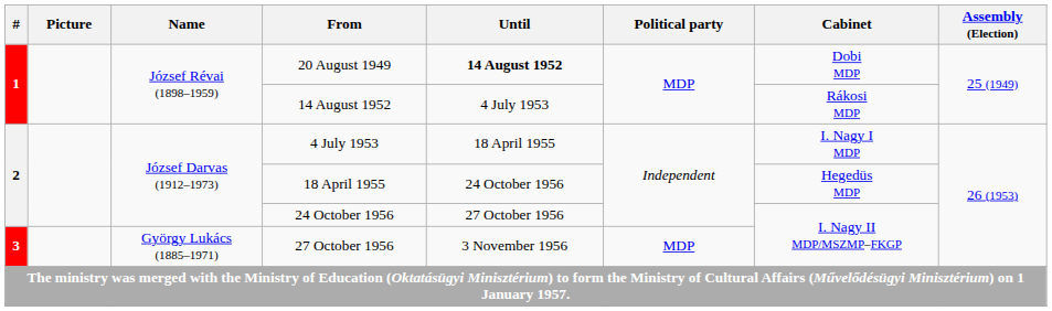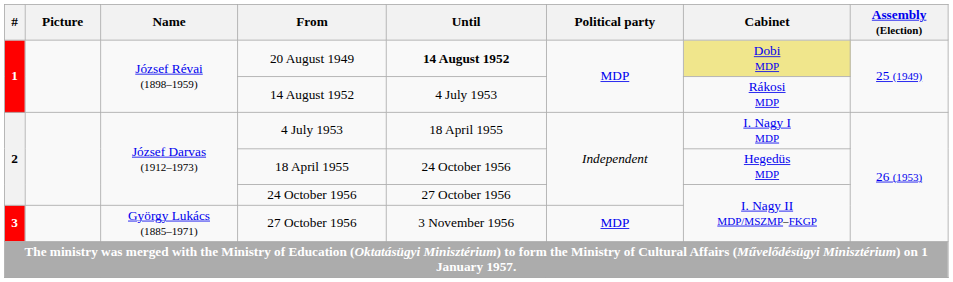 <table width=90% class="wikitable" style="text-align:center">
 <tr>
 <th>#</th>
 <th>Picture</th>
 <th>Name</th>
 <th>From</th>
 <th>Until</th>
 <th>Political party</th>
 <th>Cabinet</th>
 <th><a href='#'>Assembly</a><br><small>(Election)</small></th>
 </tr>
 <tr>
 <th rowspan="2" style="background:Red; color:white">1</th>
 <td rowspan="2"></td>
 <td rowspan="2"><a href='#'>József Révai</a><br><small>(1898–1959)</small></td>
 <td>20 August 1949</td>
 <td><strong>14 August 1952</strong></td>
 <td rowspan="2"><a href='#'>MDP</a></td>
-<td><a href='#'>Dobi</a><br><small><a href='#'>MDP</a></small></td>
+<td style="background: khaki;"><a href='#'>Dobi</a><br><small><a href='#'>MDP</a></small></td>
 <td rowspan="2"><a href='#'>25 <small>(1949)</small></a></td>
 </tr>
 <tr>
 <td>14 August 1952</td>
 <td>4 July 1953</td>
 <td><a href='#'>Rákosi</a><br><small><a href='#'>MDP</a></small></td>
 </tr>
 <tr>
 <th rowspan="3" style="background-color:">2</th>
 <td rowspan="3"></td>
 <td rowspan="3"><a href='#'>József Darvas</a><br><small>(1912–1973)</small></td>
 <td>4 July 1953</td>
 <td>18 April 1955</td>
 <td rowspan="3"><em>Independent</em></td>
 <td><a href='#'>I. Nagy I</a><br><small><a href='#'>MDP</a></small></td>
 <td rowspan="4"><a href='#'>26 <small>(1953)</small></a></td>
 </tr>
 <tr>
 <td>18 April 1955</td>
 <td>24 October 1956</td>
 <td><a href='#'>Hegedüs</a><br><small><a href='#'>MDP</a></small></td>
 </tr>
 <tr>
 <td>24 October 1956</td>
 <td>27 October 1956</td>
 <td rowspan="2"><a href='#'>I. Nagy II</a><br><small><a href='#'>MDP/MSZMP</a>–<a href='#'>FKGP</a></small></td>
 </tr>
 <tr>
 <th style="background:Red; color:white">3</th>
 <td></td>
 <td><a href='#'>György Lukács</a><br><small>(1885–1971)</small></td>
 <td>27 October 1956</td>
 <td>3 November 1956</td>
 <td><a href='#'>MDP</a></td>
 </tr>
 <tr>
 <th colspan="8" style="background-color:#ACACAC; color:white">The ministry was merged with the Ministry of Education (<em>Oktatásügyi Minisztérium</em>) to form the Ministry of Cultural Affairs (<em>Művelődésügyi Minisztérium</em>) on 1 January 1957.</th>
 </tr>
 <tr>
 </tr>
 </table>
